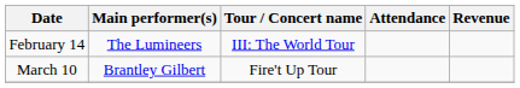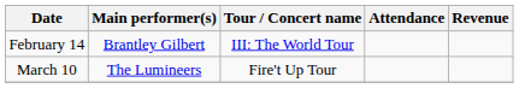 <table class="wikitable"  style="text-align:center; font-size:95%;">
 <tr>
 <th style="text-align:center;">Date</th>
 <th style="text-align:center;">Main performer(s)</th>
 <th style="text-align:center;">Tour / Concert name</th>
 <th style="text-align:center;">Attendance</th>
 <th style="text-align:center;">Revenue</th>
 </tr>
 <tr>
 <td>February 14</td>
-<td><a href='#'>The Lumineers</a></td>
+<td><a href='#'>Brantley Gilbert</a></td>
 <td><a href='#'>III: The World Tour</a></td>
 <td></td>
 <td></td>
 </tr>
 <tr>
 <td>March 10</td>
-<td><a href='#'>Brantley Gilbert</a></td>
+<td><a href='#'>The Lumineers</a></td>
 <td>Fire't Up Tour</td>
 <td></td>
 <td></td>
 </tr>
 <tr>
 </tr>
 </table>
